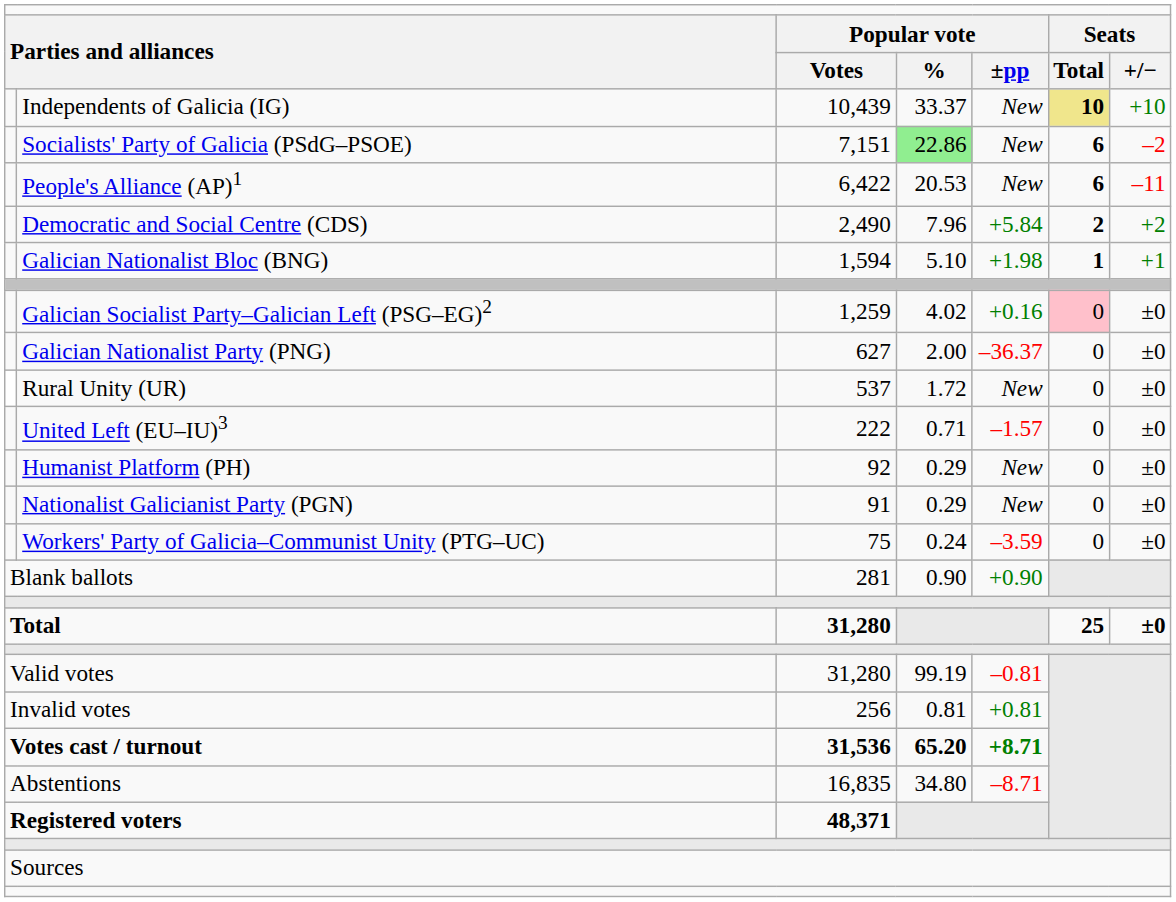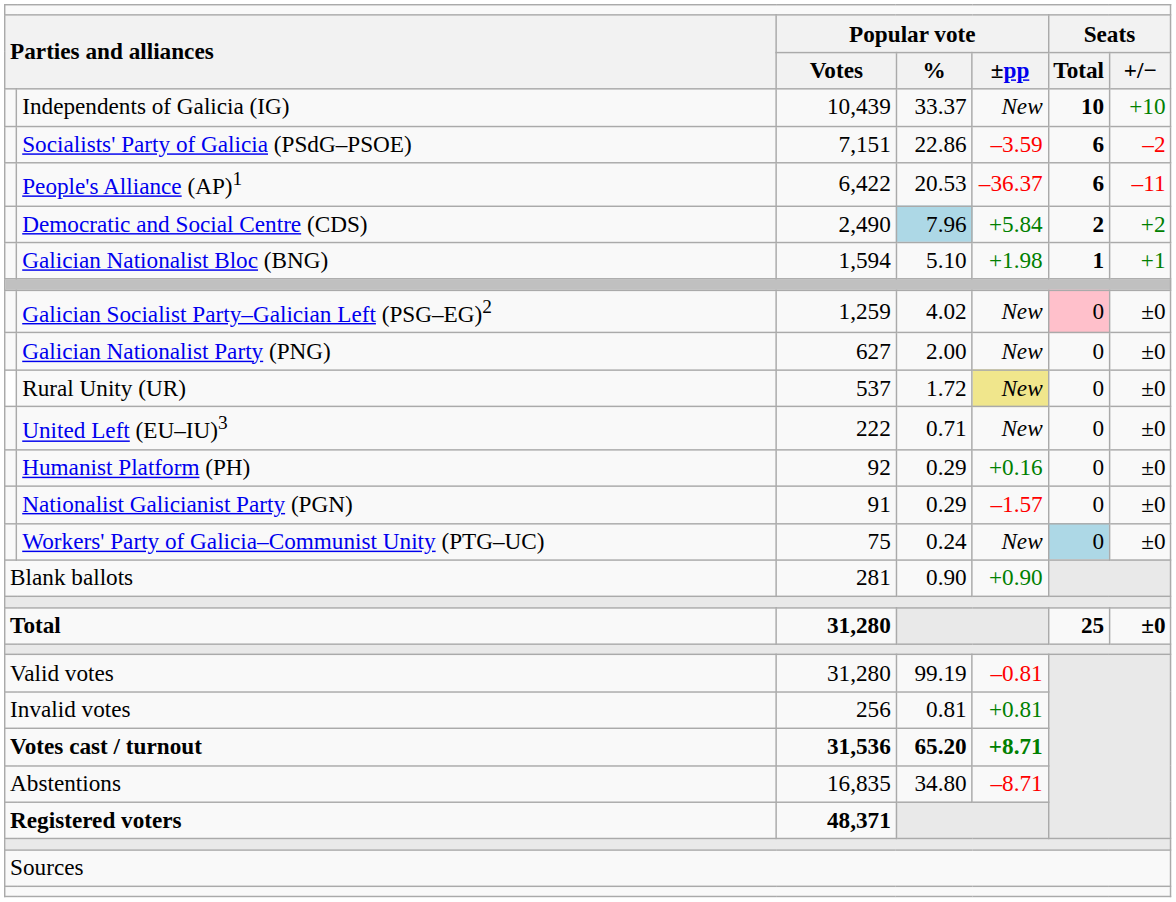 <table class="wikitable" style="text-align:right;">
 <tr>
 <td colspan="7"></td>
 </tr>
 <tr>
 <th style="text-align:left;" rowspan="2" colspan="2" width="525">Parties and alliances</th>
 <th colspan="3">Popular vote</th>
 <th colspan="2">Seats</th>
 </tr>
 <tr>
 <th width="75">Votes</th>
 <th width="45">%</th>
 <th width="45">±<a href='#'>pp</a></th>
 <th width="35">Total</th>
 <th width="35">+/−</th>
 </tr>
 <tr>
 <td width="1" style="color:inherit;background:"></td>
 <td align="left">Independents of Galicia (IG)</td>
 <td>10,439</td>
 <td>33.37</td>
 <td><em>New</em></td>
-<td style="background: khaki;"><strong>10</strong></td>
+<td><strong>10</strong></td>
 <td style="color:green;">+10</td>
 </tr>
 <tr>
 <td style="color:inherit;background:"></td>
 <td align="left"><a href='#'>Socialists' Party of Galicia</a> (PSdG–PSOE)</td>
 <td>7,151</td>
-<td style="background: lightgreen;">22.86</td>
-<td><em>New</em></td>
+<td>22.86</td>
+<td style="color:red;">–3.59</td>
 <td><strong>6</strong></td>
 <td style="color:red;">–2</td>
 </tr>
 <tr>
 <td style="color:inherit;background:"></td>
 <td align="left"><a href='#'>People's Alliance</a> (AP)<sup>1</sup></td>
 <td>6,422</td>
 <td>20.53</td>
-<td><em>New</em></td>
+<td style="color:red;">–36.37</td>
 <td><strong>6</strong></td>
 <td style="color:red;">–11</td>
 </tr>
 <tr>
 <td style="color:inherit;background:"></td>
 <td align="left"><a href='#'>Democratic and Social Centre</a> (CDS)</td>
 <td>2,490</td>
-<td>7.96</td>
+<td style="background: lightblue;">7.96</td>
 <td style="color:green;">+5.84</td>
 <td><strong>2</strong></td>
 <td style="color:green;">+2</td>
 </tr>
 <tr>
 <td style="color:inherit;background:"></td>
 <td align="left"><a href='#'>Galician Nationalist Bloc</a> (BNG)</td>
 <td>1,594</td>
 <td>5.10</td>
 <td style="color:green;">+1.98</td>
 <td><strong>1</strong></td>
 <td style="color:green;">+1</td>
 </tr>
 <tr>
 <td colspan="7" style="color:inherit;background:#C0C0C0"></td>
 </tr>
 <tr>
 <td style="color:inherit;background:"></td>
 <td align="left"><a href='#'>Galician Socialist Party–Galician Left</a> (PSG–EG)<sup>2</sup></td>
 <td>1,259</td>
 <td>4.02</td>
-<td style="color:green;">+0.16</td>
+<td><em>New</em></td>
 <td style="background: pink;">0</td>
 <td>±0</td>
 </tr>
 <tr>
 <td style="color:inherit;background:"></td>
 <td align="left"><a href='#'>Galician Nationalist Party</a> (PNG)</td>
 <td>627</td>
 <td>2.00</td>
-<td style="color:red;">–36.37</td>
+<td><em>New</em></td>
 <td>0</td>
 <td>±0</td>
 </tr>
 <tr>
 <td bgcolor="white"></td>
 <td align="left">Rural Unity (UR)</td>
 <td>537</td>
 <td>1.72</td>
-<td><em>New</em></td>
+<td style="background: khaki;"><em>New</em></td>
 <td>0</td>
 <td>±0</td>
 </tr>
 <tr>
 <td style="color:inherit;background:"></td>
 <td align="left"><a href='#'>United Left</a> (EU–IU)<sup>3</sup></td>
 <td>222</td>
 <td>0.71</td>
-<td style="color:red;">–1.57</td>
+<td><em>New</em></td>
 <td>0</td>
 <td>±0</td>
 </tr>
 <tr>
 <td style="color:inherit;background:"></td>
 <td align="left"><a href='#'>Humanist Platform</a> (PH)</td>
 <td>92</td>
 <td>0.29</td>
-<td><em>New</em></td>
+<td style="color:green;">+0.16</td>
 <td>0</td>
 <td>±0</td>
 </tr>
 <tr>
 <td style="color:inherit;background:"></td>
 <td align="left"><a href='#'>Nationalist Galicianist Party</a> (PGN)</td>
 <td>91</td>
 <td>0.29</td>
-<td><em>New</em></td>
+<td style="color:red;">–1.57</td>
 <td>0</td>
 <td>±0</td>
 </tr>
 <tr>
 <td style="color:inherit;background:"></td>
 <td align="left"><a href='#'>Workers' Party of Galicia–Communist Unity</a> (PTG–UC)</td>
 <td>75</td>
 <td>0.24</td>
-<td style="color:red;">–3.59</td>
-<td>0</td>
+<td><em>New</em></td>
+<td style="background: lightblue;">0</td>
 <td>±0</td>
 </tr>
 <tr>
 <td align="left" colspan="2">Blank ballots</td>
 <td>281</td>
 <td>0.90</td>
 <td style="color:green;">+0.90</td>
 <td style="color:inherit;background:#E9E9E9" colspan="2"></td>
 </tr>
 <tr>
 <td colspan="7" style="color:inherit;background:#E9E9E9"></td>
 </tr>
 <tr style="font-weight:bold;">
 <td align="left" colspan="2">Total</td>
 <td>31,280</td>
 <td bgcolor="#E9E9E9" colspan="2"></td>
 <td>25</td>
 <td>±0</td>
 </tr>
 <tr>
 <td colspan="7" style="color:inherit;background:#E9E9E9"></td>
 </tr>
 <tr>
 <td align="left" colspan="2">Valid votes</td>
 <td>31,280</td>
 <td>99.19</td>
 <td style="color:red;">–0.81</td>
 <td bgcolor="#E9E9E9" colspan="2" rowspan="5"></td>
 </tr>
 <tr>
 <td align="left" colspan="2">Invalid votes</td>
 <td>256</td>
 <td>0.81</td>
 <td style="color:green;">+0.81</td>
 </tr>
 <tr style="font-weight:bold;">
 <td align="left" colspan="2">Votes cast / turnout</td>
 <td>31,536</td>
 <td>65.20</td>
 <td style="color:green;">+8.71</td>
 </tr>
 <tr>
 <td align="left" colspan="2">Abstentions</td>
 <td>16,835</td>
 <td>34.80</td>
 <td style="color:red;">–8.71</td>
 </tr>
 <tr style="font-weight:bold;">
 <td align="left" colspan="2">Registered voters</td>
 <td>48,371</td>
 <td bgcolor="#E9E9E9" colspan="2"></td>
 </tr>
 <tr>
 <td colspan="7" style="color:inherit;background:#E9E9E9"></td>
 </tr>
 <tr>
 <td align="left" colspan="7">Sources</td>
 </tr>
 <tr>
 <td colspan="7" style="text-align:left; max-width:790px;"></td>
 </tr>
 </table>
